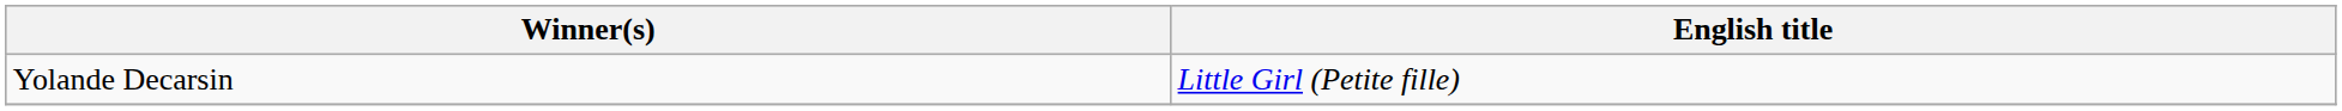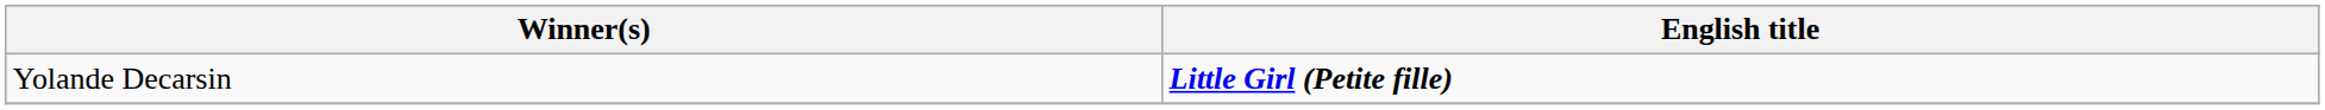 <table class="wikitable" width="95%" cellpadding="5">
 <tr>
 <th width="18%">Winner(s)</th>
 <th width="18%">English title</th>
 </tr>
 <tr>
 <td>  Yolande Decarsin</td>
-<td><em><a href='#'>Little Girl</a> (Petite fille)</em></td>
+<td><strong><em><a href='#'>Little Girl</a> (Petite fille)</em></strong></td>
 </tr>
 <tr>
 </tr>
 </table>
